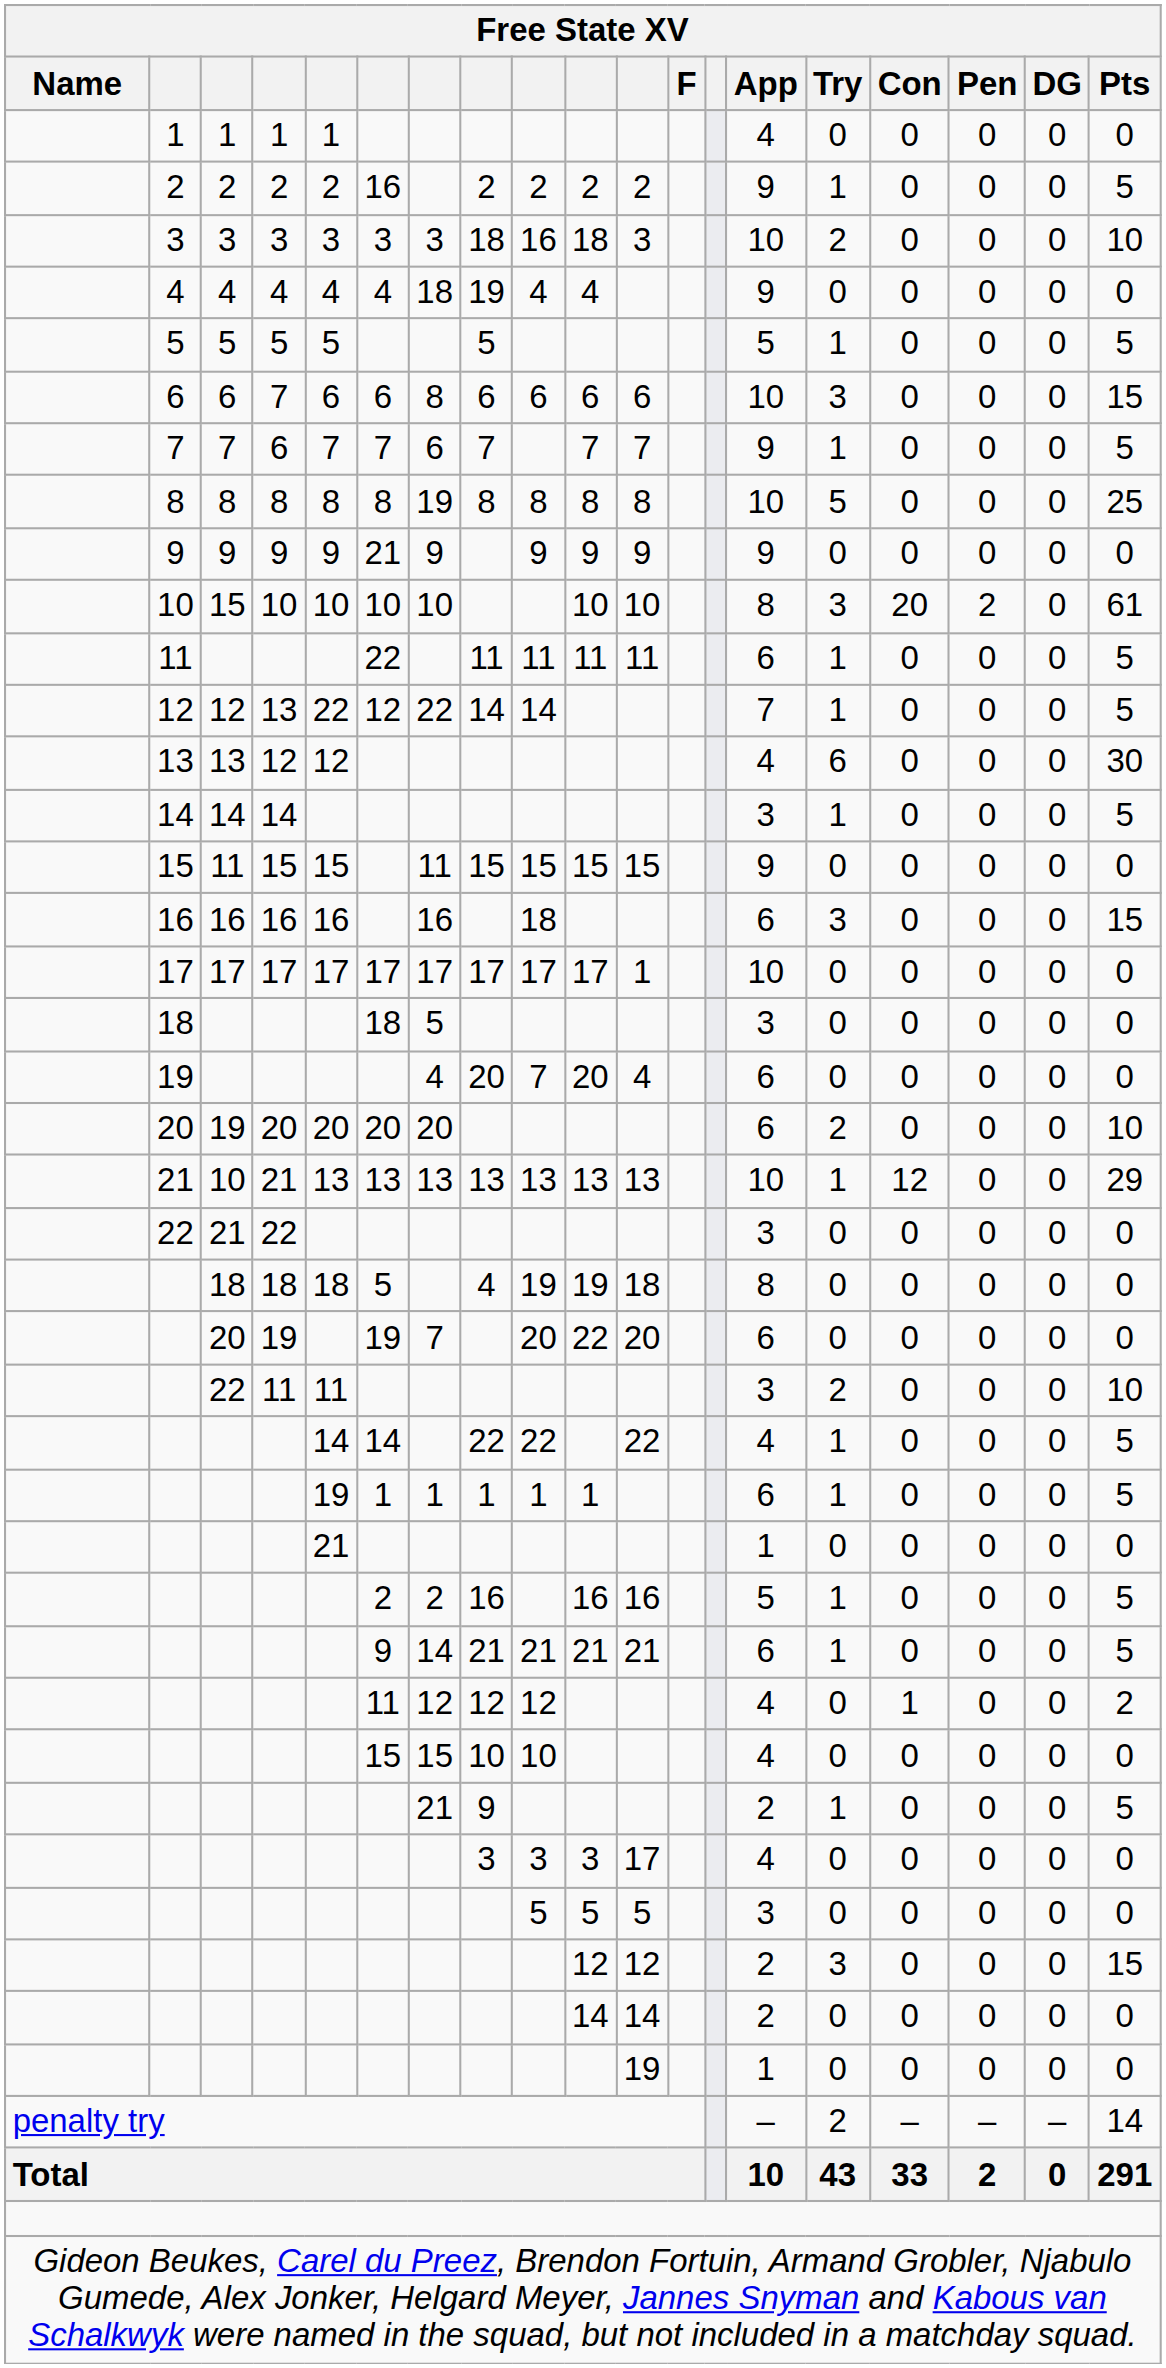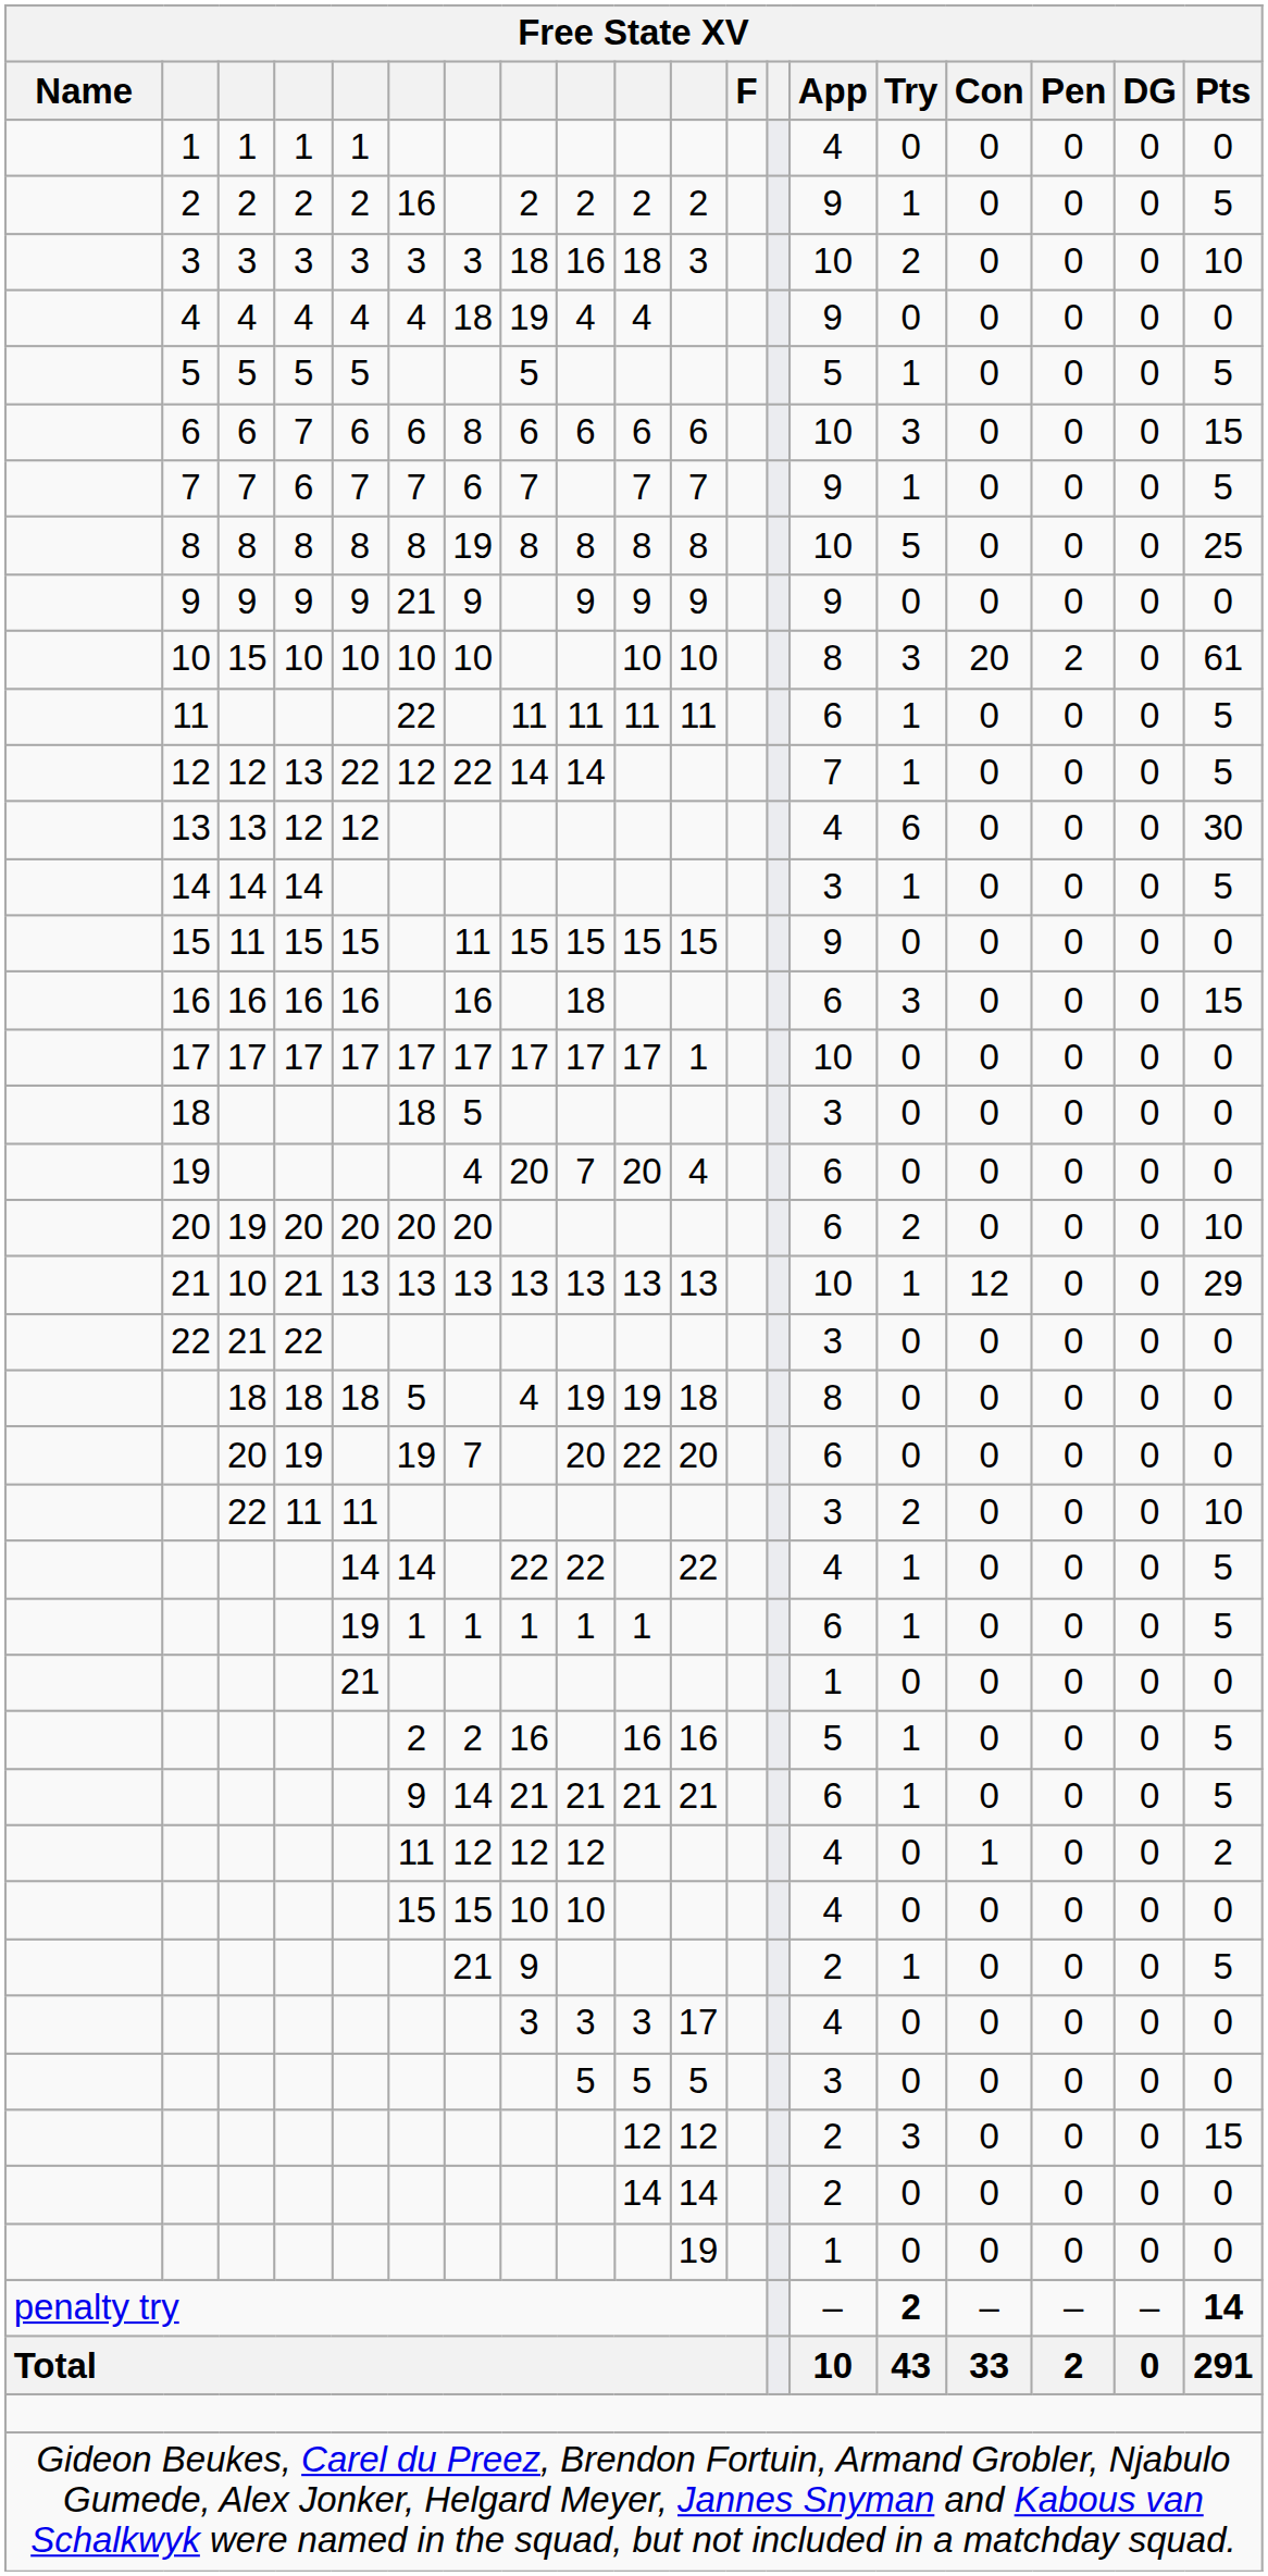 <table class="wikitable collapsible collapsed" style="text-align:center; font-size:100%; width:90%">
 <tr>
 <th colspan="100%">Free State XV</th>
 </tr>
 <tr>
 <th style="width:28%;">Name</th>
 <th style="width:4%;"></th>
 <th style="width:4%;"></th>
 <th style="width:4%;"></th>
 <th style="width:4%;"></th>
 <th style="width:4%;"></th>
 <th style="width:4%;"></th>
 <th style="width:4%;"></th>
 <th style="width:4%;"></th>
 <th style="width:4%;"></th>
 <th style="width:4%;"></th>
 <th style="width:4%;">F</th>
 <th style="width:4%;"></th>
 <th style="width:4%;">App</th>
 <th style="width:4%;">Try</th>
 <th style="width:4%;">Con</th>
 <th style="width:4%;">Pen</th>
 <th style="width:4%;">DG</th>
 <th style="width:4%;">Pts</th>
 </tr>
 <tr>
 <td style="text-align:left;"></td>
 <td>1</td>
 <td>1</td>
 <td>1</td>
 <td>1</td>
 <td></td>
 <td></td>
 <td></td>
 <td></td>
 <td></td>
 <td></td>
 <td></td>
 <td style="background:#EBECF0;"></td>
 <td>4</td>
 <td>0</td>
 <td>0</td>
 <td>0</td>
 <td>0</td>
 <td>0</td>
 </tr>
 <tr>
 <td style="text-align:left;"></td>
 <td>2</td>
 <td>2</td>
 <td>2</td>
 <td>2</td>
 <td>16 </td>
 <td></td>
 <td>2</td>
 <td>2</td>
 <td>2</td>
 <td>2</td>
 <td></td>
 <td style="background:#EBECF0;"></td>
 <td>9</td>
 <td>1</td>
 <td>0</td>
 <td>0</td>
 <td>0</td>
 <td>5</td>
 </tr>
 <tr>
 <td style="text-align:left;"></td>
 <td>3</td>
 <td>3</td>
 <td>3</td>
 <td>3</td>
 <td>3</td>
 <td>3</td>
 <td>18 </td>
 <td>16 </td>
 <td>18 </td>
 <td>3</td>
 <td></td>
 <td style="background:#EBECF0;"></td>
 <td>10</td>
 <td>2</td>
 <td>0</td>
 <td>0</td>
 <td>0</td>
 <td>10</td>
 </tr>
 <tr>
 <td style="text-align:left;"></td>
 <td>4</td>
 <td>4</td>
 <td>4</td>
 <td>4</td>
 <td>4</td>
 <td>18 </td>
 <td>19 </td>
 <td>4</td>
 <td>4</td>
 <td></td>
 <td></td>
 <td style="background:#EBECF0;"></td>
 <td>9</td>
 <td>0</td>
 <td>0</td>
 <td>0</td>
 <td>0</td>
 <td>0</td>
 </tr>
 <tr>
 <td style="text-align:left;"></td>
 <td>5</td>
 <td>5</td>
 <td>5</td>
 <td>5</td>
 <td></td>
 <td></td>
 <td>5</td>
 <td></td>
 <td></td>
 <td></td>
 <td></td>
 <td style="background:#EBECF0;"></td>
 <td>5</td>
 <td>1</td>
 <td>0</td>
 <td>0</td>
 <td>0</td>
 <td>5</td>
 </tr>
 <tr>
 <td style="text-align:left;"></td>
 <td>6</td>
 <td>6</td>
 <td>7</td>
 <td>6</td>
 <td>6</td>
 <td>8</td>
 <td>6</td>
 <td>6</td>
 <td>6</td>
 <td>6</td>
 <td></td>
 <td style="background:#EBECF0;"></td>
 <td>10</td>
 <td>3</td>
 <td>0</td>
 <td>0</td>
 <td>0</td>
 <td>15</td>
 </tr>
 <tr>
 <td style="text-align:left;"></td>
 <td>7</td>
 <td>7</td>
 <td>6</td>
 <td>7</td>
 <td>7</td>
 <td>6</td>
 <td>7</td>
 <td></td>
 <td>7</td>
 <td>7</td>
 <td></td>
 <td style="background:#EBECF0;"></td>
 <td>9</td>
 <td>1</td>
 <td>0</td>
 <td>0</td>
 <td>0</td>
 <td>5</td>
 </tr>
 <tr>
 <td style="text-align:left;"></td>
 <td>8</td>
 <td>8</td>
 <td>8</td>
 <td>8</td>
 <td>8</td>
 <td>19 </td>
 <td>8</td>
 <td>8</td>
 <td>8</td>
 <td>8</td>
 <td></td>
 <td style="background:#EBECF0;"></td>
 <td>10</td>
 <td>5</td>
 <td>0</td>
 <td>0</td>
 <td>0</td>
 <td>25</td>
 </tr>
 <tr>
 <td style="text-align:left;"></td>
 <td>9</td>
 <td>9</td>
 <td>9</td>
 <td>9</td>
 <td>21 </td>
 <td>9</td>
 <td></td>
 <td>9</td>
 <td>9</td>
 <td>9</td>
 <td></td>
 <td style="background:#EBECF0;"></td>
 <td>9</td>
 <td>0</td>
 <td>0</td>
 <td>0</td>
 <td>0</td>
 <td>0</td>
 </tr>
 <tr>
 <td style="text-align:left;"></td>
 <td>10</td>
 <td>15</td>
 <td>10</td>
 <td>10</td>
 <td>10</td>
 <td>10</td>
 <td></td>
 <td></td>
 <td>10</td>
 <td>10</td>
 <td></td>
 <td style="background:#EBECF0;"></td>
 <td>8</td>
 <td>3</td>
 <td>20</td>
 <td>2</td>
 <td>0</td>
 <td>61</td>
 </tr>
 <tr>
 <td style="text-align:left;"></td>
 <td>11</td>
 <td></td>
 <td></td>
 <td></td>
 <td>22 </td>
 <td></td>
 <td>11</td>
 <td>11</td>
 <td>11</td>
 <td>11</td>
 <td></td>
 <td style="background:#EBECF0;"></td>
 <td>6</td>
 <td>1</td>
 <td>0</td>
 <td>0</td>
 <td>0</td>
 <td>5</td>
 </tr>
 <tr>
 <td style="text-align:left;"></td>
 <td>12</td>
 <td>12</td>
 <td>13</td>
 <td>22 </td>
 <td>12</td>
 <td>22</td>
 <td>14</td>
 <td>14</td>
 <td></td>
 <td></td>
 <td></td>
 <td style="background:#EBECF0;"></td>
 <td>7</td>
 <td>1</td>
 <td>0</td>
 <td>0</td>
 <td>0</td>
 <td>5</td>
 </tr>
 <tr>
 <td style="text-align:left;"></td>
 <td>13</td>
 <td>13</td>
 <td>12</td>
 <td>12</td>
 <td></td>
 <td></td>
 <td></td>
 <td></td>
 <td></td>
 <td></td>
 <td></td>
 <td style="background:#EBECF0;"></td>
 <td>4</td>
 <td>6</td>
 <td>0</td>
 <td>0</td>
 <td>0</td>
 <td>30</td>
 </tr>
 <tr>
 <td style="text-align:left;"></td>
 <td>14</td>
 <td>14</td>
 <td>14</td>
 <td></td>
 <td></td>
 <td></td>
 <td></td>
 <td></td>
 <td></td>
 <td></td>
 <td></td>
 <td style="background:#EBECF0;"></td>
 <td>3</td>
 <td>1</td>
 <td>0</td>
 <td>0</td>
 <td>0</td>
 <td>5</td>
 </tr>
 <tr>
 <td style="text-align:left;"></td>
 <td>15</td>
 <td>11</td>
 <td>15</td>
 <td>15</td>
 <td></td>
 <td>11</td>
 <td>15</td>
 <td>15</td>
 <td>15</td>
 <td>15</td>
 <td></td>
 <td style="background:#EBECF0;"></td>
 <td>9</td>
 <td>0</td>
 <td>0</td>
 <td>0</td>
 <td>0</td>
 <td>0</td>
 </tr>
 <tr>
 <td style="text-align:left;"></td>
 <td>16 </td>
 <td>16 </td>
 <td>16 </td>
 <td>16 </td>
 <td></td>
 <td>16 </td>
 <td></td>
 <td>18 </td>
 <td></td>
 <td></td>
 <td></td>
 <td style="background:#EBECF0;"></td>
 <td>6</td>
 <td>3</td>
 <td>0</td>
 <td>0</td>
 <td>0</td>
 <td>15</td>
 </tr>
 <tr>
 <td style="text-align:left;"></td>
 <td>17 </td>
 <td>17 </td>
 <td>17 </td>
 <td>17 </td>
 <td>17 </td>
 <td>17 </td>
 <td>17 </td>
 <td>17 </td>
 <td>17 </td>
 <td>1</td>
 <td></td>
 <td style="background:#EBECF0;"></td>
 <td>10</td>
 <td>0</td>
 <td>0</td>
 <td>0</td>
 <td>0</td>
 <td>0</td>
 </tr>
 <tr>
 <td style="text-align:left;"></td>
 <td>18 </td>
 <td></td>
 <td></td>
 <td></td>
 <td>18 </td>
 <td>5</td>
 <td></td>
 <td></td>
 <td></td>
 <td></td>
 <td></td>
 <td style="background:#EBECF0;"></td>
 <td>3</td>
 <td>0</td>
 <td>0</td>
 <td>0</td>
 <td>0</td>
 <td>0</td>
 </tr>
 <tr>
 <td style="text-align:left;"></td>
 <td>19 </td>
 <td></td>
 <td></td>
 <td></td>
 <td></td>
 <td>4</td>
 <td>20 </td>
 <td>7</td>
 <td>20 </td>
 <td>4</td>
 <td></td>
 <td style="background:#EBECF0;"></td>
 <td>6</td>
 <td>0</td>
 <td>0</td>
 <td>0</td>
 <td>0</td>
 <td>0</td>
 </tr>
 <tr>
 <td style="text-align:left;"></td>
 <td>20 </td>
 <td>19 </td>
 <td>20 </td>
 <td>20 </td>
 <td>20 </td>
 <td>20 </td>
 <td></td>
 <td></td>
 <td></td>
 <td></td>
 <td></td>
 <td style="background:#EBECF0;"></td>
 <td>6</td>
 <td>2</td>
 <td>0</td>
 <td>0</td>
 <td>0</td>
 <td>10</td>
 </tr>
 <tr>
 <td style="text-align:left;"></td>
 <td>21 </td>
 <td>10</td>
 <td>21 </td>
 <td>13</td>
 <td>13</td>
 <td>13</td>
 <td>13</td>
 <td>13</td>
 <td>13</td>
 <td>13</td>
 <td></td>
 <td style="background:#EBECF0;"></td>
 <td>10</td>
 <td>1</td>
 <td>12</td>
 <td>0</td>
 <td>0</td>
 <td>29</td>
 </tr>
 <tr>
 <td style="text-align:left;"></td>
 <td>22 </td>
 <td>21 </td>
 <td>22 </td>
 <td></td>
 <td></td>
 <td></td>
 <td></td>
 <td></td>
 <td></td>
 <td></td>
 <td></td>
 <td style="background:#EBECF0;"></td>
 <td>3</td>
 <td>0</td>
 <td>0</td>
 <td>0</td>
 <td>0</td>
 <td>0</td>
 </tr>
 <tr>
 <td style="text-align:left;"></td>
 <td></td>
 <td>18 </td>
 <td>18 </td>
 <td>18 </td>
 <td>5</td>
 <td></td>
 <td>4</td>
 <td>19 </td>
 <td>19 </td>
 <td>18 </td>
 <td></td>
 <td style="background:#EBECF0;"></td>
 <td>8</td>
 <td>0</td>
 <td>0</td>
 <td>0</td>
 <td>0</td>
 <td>0</td>
 </tr>
 <tr>
 <td style="text-align:left;"></td>
 <td></td>
 <td>20 </td>
 <td>19 </td>
 <td></td>
 <td>19 </td>
 <td>7</td>
 <td></td>
 <td>20 </td>
 <td>22</td>
 <td>20 </td>
 <td></td>
 <td style="background:#EBECF0;"></td>
 <td>6</td>
 <td>0</td>
 <td>0</td>
 <td>0</td>
 <td>0</td>
 <td>0</td>
 </tr>
 <tr>
 <td style="text-align:left;"></td>
 <td></td>
 <td>22 </td>
 <td>11</td>
 <td>11</td>
 <td></td>
 <td></td>
 <td></td>
 <td></td>
 <td></td>
 <td></td>
 <td></td>
 <td style="background:#EBECF0;"></td>
 <td>3</td>
 <td>2</td>
 <td>0</td>
 <td>0</td>
 <td>0</td>
 <td>10</td>
 </tr>
 <tr>
 <td style="text-align:left;"></td>
 <td></td>
 <td></td>
 <td></td>
 <td>14</td>
 <td>14</td>
 <td></td>
 <td>22 </td>
 <td>22 </td>
 <td></td>
 <td>22</td>
 <td></td>
 <td style="background:#EBECF0;"></td>
 <td>4</td>
 <td>1</td>
 <td>0</td>
 <td>0</td>
 <td>0</td>
 <td>5</td>
 </tr>
 <tr>
 <td style="text-align:left;"></td>
 <td></td>
 <td></td>
 <td></td>
 <td>19 </td>
 <td>1</td>
 <td>1</td>
 <td>1</td>
 <td>1</td>
 <td>1</td>
 <td></td>
 <td></td>
 <td style="background:#EBECF0;"></td>
 <td>6</td>
 <td>1</td>
 <td>0</td>
 <td>0</td>
 <td>0</td>
 <td>5</td>
 </tr>
 <tr>
 <td style="text-align:left;"></td>
 <td></td>
 <td></td>
 <td></td>
 <td>21 </td>
 <td></td>
 <td></td>
 <td></td>
 <td></td>
 <td></td>
 <td></td>
 <td></td>
 <td style="background:#EBECF0;"></td>
 <td>1</td>
 <td>0</td>
 <td>0</td>
 <td>0</td>
 <td>0</td>
 <td>0</td>
 </tr>
 <tr>
 <td style="text-align:left;"></td>
 <td></td>
 <td></td>
 <td></td>
 <td></td>
 <td>2</td>
 <td>2</td>
 <td>16 </td>
 <td></td>
 <td>16 </td>
 <td>16 </td>
 <td></td>
 <td style="background:#EBECF0;"></td>
 <td>5</td>
 <td>1</td>
 <td>0</td>
 <td>0</td>
 <td>0</td>
 <td>5</td>
 </tr>
 <tr>
 <td style="text-align:left;"></td>
 <td></td>
 <td></td>
 <td></td>
 <td></td>
 <td>9</td>
 <td>14</td>
 <td>21 </td>
 <td>21 </td>
 <td>21 </td>
 <td>21 </td>
 <td></td>
 <td style="background:#EBECF0;"></td>
 <td>6</td>
 <td>1</td>
 <td>0</td>
 <td>0</td>
 <td>0</td>
 <td>5</td>
 </tr>
 <tr>
 <td style="text-align:left;"></td>
 <td></td>
 <td></td>
 <td></td>
 <td></td>
 <td>11</td>
 <td>12</td>
 <td>12</td>
 <td>12</td>
 <td></td>
 <td></td>
 <td></td>
 <td style="background:#EBECF0;"></td>
 <td>4</td>
 <td>0</td>
 <td>1</td>
 <td>0</td>
 <td>0</td>
 <td>2</td>
 </tr>
 <tr>
 <td style="text-align:left;"></td>
 <td></td>
 <td></td>
 <td></td>
 <td></td>
 <td>15</td>
 <td>15</td>
 <td>10</td>
 <td>10</td>
 <td></td>
 <td></td>
 <td></td>
 <td style="background:#EBECF0;"></td>
 <td>4</td>
 <td>0</td>
 <td>0</td>
 <td>0</td>
 <td>0</td>
 <td>0</td>
 </tr>
 <tr>
 <td style="text-align:left;"></td>
 <td></td>
 <td></td>
 <td></td>
 <td></td>
 <td></td>
 <td>21 </td>
 <td>9</td>
 <td></td>
 <td></td>
 <td></td>
 <td></td>
 <td style="background:#EBECF0;"></td>
 <td>2</td>
 <td>1</td>
 <td>0</td>
 <td>0</td>
 <td>0</td>
 <td>5</td>
 </tr>
 <tr>
 <td style="text-align:left;"></td>
 <td></td>
 <td></td>
 <td></td>
 <td></td>
 <td></td>
 <td></td>
 <td>3</td>
 <td>3</td>
 <td>3</td>
 <td>17 </td>
 <td></td>
 <td style="background:#EBECF0;"></td>
 <td>4</td>
 <td>0</td>
 <td>0</td>
 <td>0</td>
 <td>0</td>
 <td>0</td>
 </tr>
 <tr>
 <td style="text-align:left;"></td>
 <td></td>
 <td></td>
 <td></td>
 <td></td>
 <td></td>
 <td></td>
 <td></td>
 <td>5</td>
 <td>5</td>
 <td>5</td>
 <td></td>
 <td style="background:#EBECF0;"></td>
 <td>3</td>
 <td>0</td>
 <td>0</td>
 <td>0</td>
 <td>0</td>
 <td>0</td>
 </tr>
 <tr>
 <td style="text-align:left;"></td>
 <td></td>
 <td></td>
 <td></td>
 <td></td>
 <td></td>
 <td></td>
 <td></td>
 <td></td>
 <td>12</td>
 <td>12</td>
 <td></td>
 <td style="background:#EBECF0;"></td>
 <td>2</td>
 <td>3</td>
 <td>0</td>
 <td>0</td>
 <td>0</td>
 <td>15</td>
 </tr>
 <tr>
 <td style="text-align:left;"></td>
 <td></td>
 <td></td>
 <td></td>
 <td></td>
 <td></td>
 <td></td>
 <td></td>
 <td></td>
 <td>14</td>
 <td>14</td>
 <td></td>
 <td style="background:#EBECF0;"></td>
 <td>2</td>
 <td>0</td>
 <td>0</td>
 <td>0</td>
 <td>0</td>
 <td>0</td>
 </tr>
 <tr>
 <td style="text-align:left;"></td>
 <td></td>
 <td></td>
 <td></td>
 <td></td>
 <td></td>
 <td></td>
 <td></td>
 <td></td>
 <td></td>
 <td>19 </td>
 <td></td>
 <td style="background:#EBECF0;"></td>
 <td>1</td>
 <td>0</td>
 <td>0</td>
 <td>0</td>
 <td>0</td>
 <td>0</td>
 </tr>
 <tr>
 <td colspan="12" style="text-align:left;"><a href='#'>penalty try</a></td>
 <td style="background:#EBECF0;"></td>
 <td>–</td>
-<td>2</td>
+<td><strong>2</strong></td>
 <td>–</td>
 <td>–</td>
 <td>–</td>
-<td>14</td>
+<td><strong>14</strong></td>
 </tr>
 <tr>
 <th colspan="12" style="text-align:left;">Total</th>
 <th style="background:#EBECF0;"></th>
 <th>10</th>
 <th>43</th>
 <th>33</th>
 <th>2</th>
 <th>0</th>
 <th>291</th>
 </tr>
 <tr class="sortbottom">
 <td colspan="100%" style="height: 10px;"></td>
 </tr>
 <tr class="sortbottom">
 <td colspan="100%" style="text-align:center;"><em>Gideon Beukes, <a href='#'>Carel du Preez</a>, Brendon Fortuin, Armand Grobler, Njabulo Gumede, Alex Jonker, Helgard Meyer, <a href='#'>Jannes Snyman</a> and <a href='#'>Kabous van Schalkwyk</a> were named in the squad, but not included in a matchday squad.</em></td>
 </tr>
 </table>
